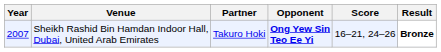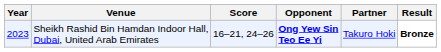 <table class="sortable wikitable" style="font-size: 90%">
 <tr>
 <th>Year</th>
 <th>Venue</th>
+<th>Score</th>
+<th>Opponent</th>
 <th>Partner</th>
-<th>Opponent</th>
-<th>Score</th>
 <th>Result</th>
 </tr>
 <tr style="background:#ECF2FF">
-<td align="center"><a href='#'>2007</a></td>
+<td align="center"><a href='#'>2023</a></td>
 <td align="left">Sheikh Rashid Bin Hamdan Indoor Hall,<br><a href='#'>Dubai</a>, United Arab Emirates</td>
+<td align="left">16–21, 24–26</td>
+<td align="left"><strong> <a href='#'>Ong Yew Sin</a><br> <a href='#'>Teo Ee Yi</a></strong></td>
 <td align="left"> <a href='#'>Takuro Hoki</a></td>
-<td align="left"><strong> <a href='#'>Ong Yew Sin</a><br> <a href='#'>Teo Ee Yi</a></strong></td>
-<td align="left">16–21, 24–26</td>
 <td style="text-align:left; background:white"> <strong>Bronze</strong></td>
 </tr>
 </table>
